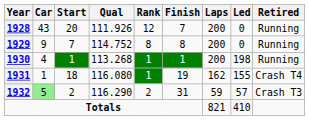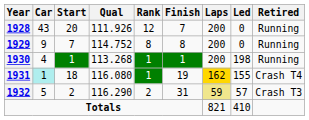 <table class="wikitable" style="text-align:center">
 <tr>
 <th>Year</th>
 <th>Car</th>
 <th>Start</th>
 <th>Qual</th>
 <th>Rank</th>
 <th>Finish</th>
 <th>Laps</th>
 <th>Led</th>
 <th>Retired</th>
 </tr>
 <tr>
 <th><a href='#'>1928</a></th>
 <td>43</td>
 <td>20</td>
 <td>111.926</td>
 <td>12</td>
 <td>7</td>
 <td>200</td>
 <td>0</td>
 <td>Running</td>
 </tr>
 <tr>
 <th><a href='#'>1929</a></th>
 <td>9</td>
 <td>7</td>
 <td>114.752</td>
 <td>8</td>
 <td>8</td>
 <td>200</td>
 <td>0</td>
 <td>Running</td>
 </tr>
 <tr>
 <th><a href='#'>1930</a></th>
 <td>4</td>
 <td style="background:green;color:white">1</td>
 <td>113.268</td>
 <td style="background:green;color:white">1</td>
 <td style="background:green;color:white">1</td>
 <td>200</td>
 <td>198</td>
 <td>Running</td>
 </tr>
 <tr>
 <th><a href='#'>1931</a></th>
-<td>1</td>
+<td style="background: paleturquoise;">1</td>
 <td>18</td>
 <td>116.080</td>
 <td style="background:green;color:white">1</td>
 <td>19</td>
-<td>162</td>
+<td style="background: gold;">162</td>
 <td>155</td>
 <td>Crash T4</td>
 </tr>
 <tr>
 <th><a href='#'>1932</a></th>
-<td style="background: lightgreen;">5</td>
+<td>5</td>
 <td>2</td>
 <td>116.290</td>
 <td>2</td>
 <td>31</td>
-<td>59</td>
+<td style="background: khaki;">59</td>
 <td>57</td>
 <td>Crash T3</td>
 </tr>
 <tr>
 <td colspan=6><strong>Totals</strong></td>
 <td>821</td>
 <td>410</td>
 <td></td>
 </tr>
 </table>
